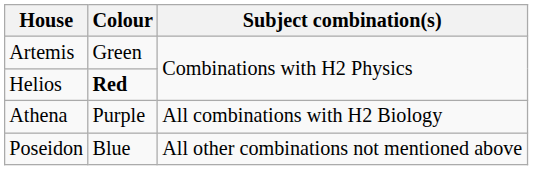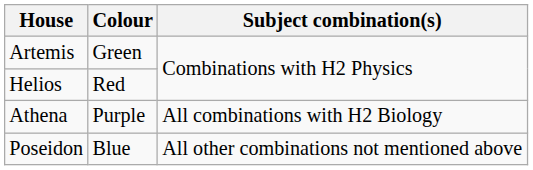 <table class="wikitable">
 <tr>
 <th>House</th>
 <th>Colour</th>
 <th>Subject combination(s)</th>
 </tr>
 <tr>
 <td>Artemis</td>
 <td>Green</td>
 <td rowspan="2">Combinations with H2 Physics</td>
 </tr>
 <tr>
 <td>Helios</td>
-<td><strong>Red</strong></td>
+<td>Red</td>
 </tr>
 <tr>
 <td>Athena</td>
 <td>Purple</td>
 <td>All combinations with H2 Biology</td>
 </tr>
 <tr>
 <td>Poseidon</td>
 <td>Blue</td>
 <td>All other combinations not mentioned above</td>
 </tr>
 </table>
